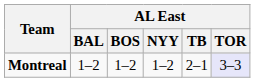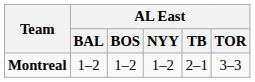 <table class="wikitable" style="text-align:center; font-size: 95%;">
 <tr>
 <th rowspan=2>Team</th>
 <th colspan=5>AL East</th>
 </tr>
 <tr>
 <th><strong>BAL</strong></th>
 <th><strong>BOS</strong></th>
 <th><strong>NYY</strong></th>
 <th><strong>TB</strong></th>
 <th><strong>TOR</strong></th>
 </tr>
 <tr>
 <td><strong>Montreal</strong></td>
 <td>1–2</td>
 <td>1–2</td>
 <td>1–2</td>
 <td>2–1</td>
-<td style="background: lavender;">3–3</td>
+<td>3–3</td>
 </tr>
 </table>
